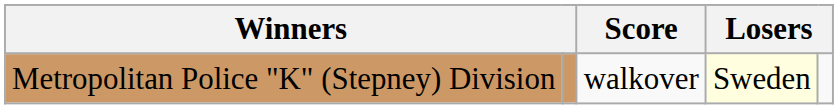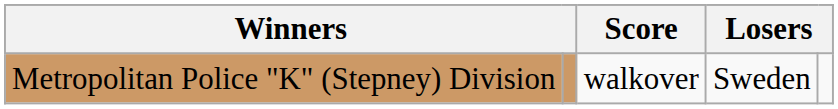 <table class=wikitable>
 <tr>
 <th colspan=2>Winners</th>
 <th>Score</th>
 <th colspan=2>Losers</th>
 </tr>
 <tr>
 <td bgcolor=cc9966>Metropolitan Police "K" (Stepney) Division</td>
 <td bgcolor=cc9966></td>
 <td align=center>walkover</td>
-<td style="background: lightyellow;">Sweden</td>
+<td>Sweden</td>
 <td></td>
 </tr>
 </table>
